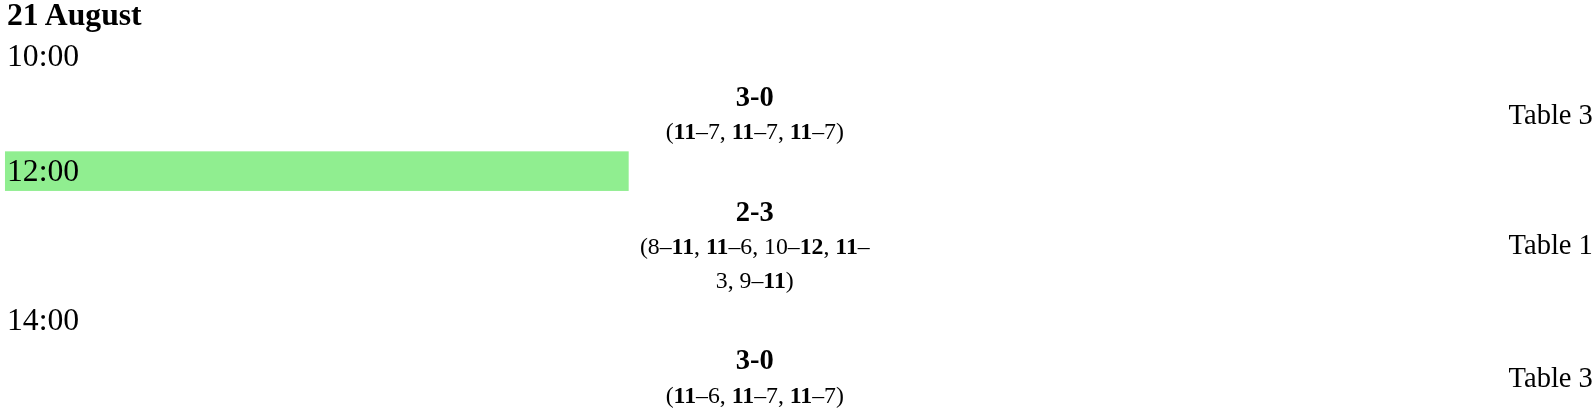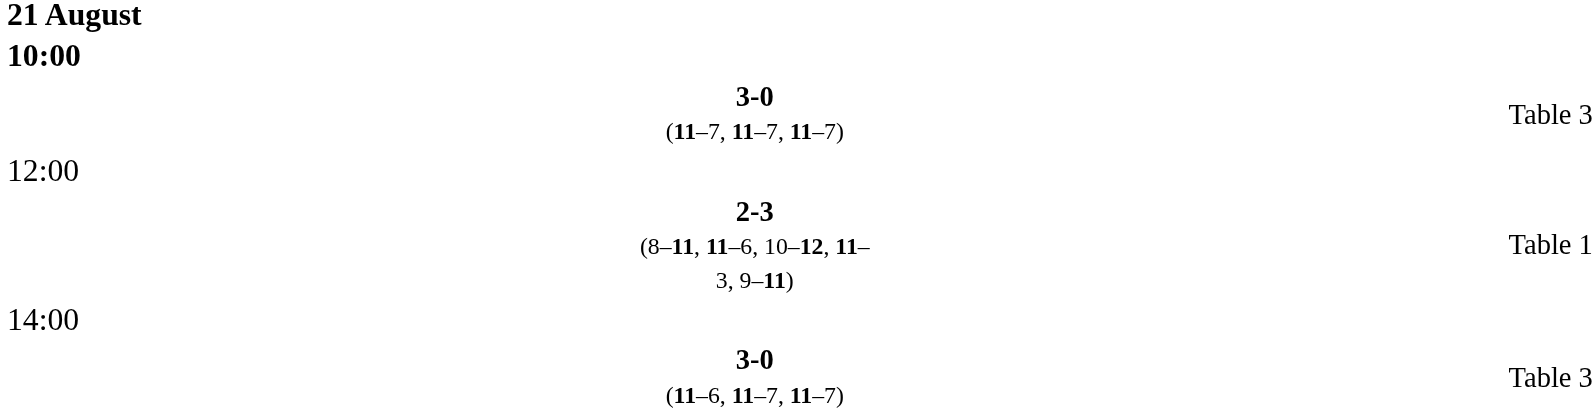 <table style="width:100%;" cellspacing="1">
 <tr>
 <th width=25%></th>
 <th width=10%></th>
 <th width=25%></th>
 </tr>
 <tr>
 <td><strong>21 August</strong></td>
 </tr>
 <tr>
-<td>10:00</td>
+<td><strong>10:00</strong></td>
 </tr>
 <tr style=font-size:90%>
 <td align=right><strong></strong></td>
 <td align=center><strong> 3-0 </strong><br><small>(<strong>11</strong>–7, <strong>11</strong>–7, <strong>11</strong>–7)</small></td>
 <td></td>
 <td>Table 3</td>
 </tr>
 <tr>
-<td style="background: lightgreen;">12:00</td>
+<td>12:00</td>
 </tr>
 <tr style=font-size:90%>
 <td align=right></td>
 <td align=center><strong> 2-3 </strong><br><small>(8–<strong>11</strong>, <strong>11</strong>–6, 10–<strong>12</strong>, <strong>11</strong>–3, 9–<strong>11</strong>)</small></td>
 <td><strong></strong></td>
 <td>Table 1</td>
 </tr>
 <tr>
 <td>14:00</td>
 </tr>
 <tr style=font-size:90%>
 <td align=right><strong></strong></td>
 <td align=center><strong> 3-0 </strong><br><small>(<strong>11</strong>–6, <strong>11</strong>–7, <strong>11</strong>–7)</small></td>
 <td></td>
 <td>Table 3</td>
 </tr>
 </table>
